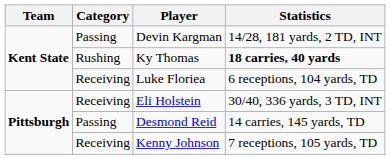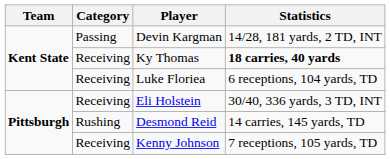 <table class="wikitable" style="float: right;">
 <tr>
 <th>Team</th>
 <th>Category</th>
 <th>Player</th>
 <th>Statistics</th>
 </tr>
 <tr>
 <td rowspan=3><strong>Kent State</strong></td>
 <td>Passing</td>
 <td>Devin Kargman</td>
 <td>14/28, 181 yards, 2 TD, INT</td>
 </tr>
 <tr>
-<td>Rushing</td>
+<td>Receiving</td>
 <td>Ky Thomas</td>
 <td><strong>18 carries, 40 yards</strong></td>
 </tr>
 <tr>
 <td>Receiving</td>
 <td>Luke Floriea</td>
 <td>6 receptions, 104 yards, TD</td>
 </tr>
 <tr>
 <td rowspan=3><strong>Pittsburgh</strong></td>
 <td>Receiving</td>
 <td><a href='#'>Eli Holstein</a></td>
 <td>30/40, 336 yards, 3 TD, INT</td>
 </tr>
 <tr>
-<td>Passing</td>
+<td>Rushing</td>
 <td><a href='#'>Desmond Reid</a></td>
 <td>14 carries, 145 yards, TD</td>
 </tr>
 <tr>
 <td>Receiving</td>
 <td><a href='#'>Kenny Johnson</a></td>
 <td>7 receptions, 105 yards, TD</td>
 </tr>
 </table>
